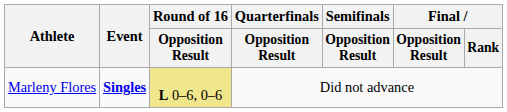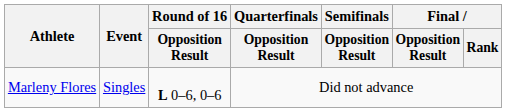 <table class="wikitable" style="font-size:90%;">
 <tr>
 <th rowspan=2>Athlete</th>
 <th rowspan=2>Event</th>
 <th>Round of 16</th>
 <th>Quarterfinals</th>
 <th>Semifinals</th>
 <th colspan=2>Final / </th>
 </tr>
 <tr style="font-size:95%">
 <th>Opposition<br>Result</th>
 <th>Opposition<br>Result</th>
 <th>Opposition<br>Result</th>
 <th>Opposition<br>Result</th>
 <th>Rank</th>
 </tr>
 <tr align=center>
 <td align=left><a href='#'>Marleny Flores</a></td>
-<td align=left><strong><a href='#'>Singles</a></strong></td>
-<td style="background: khaki;"><br><strong>L</strong> 0–6, 0–6</td>
+<td align=left><a href='#'>Singles</a></td>
+<td><br><strong>L</strong> 0–6, 0–6</td>
 <td colspan=4>Did not advance</td>
 </tr>
 </table>
